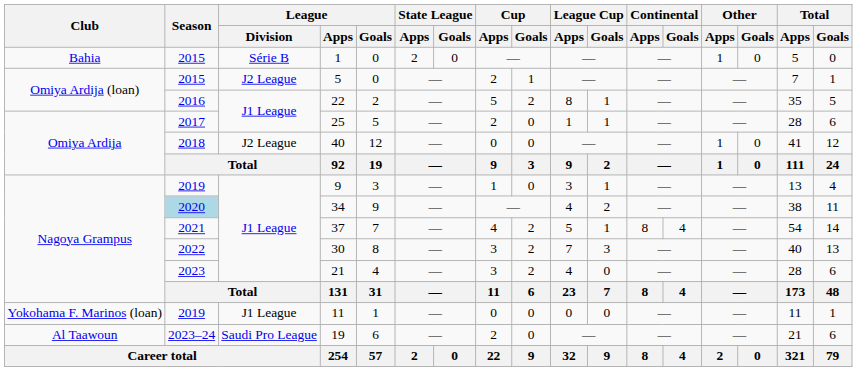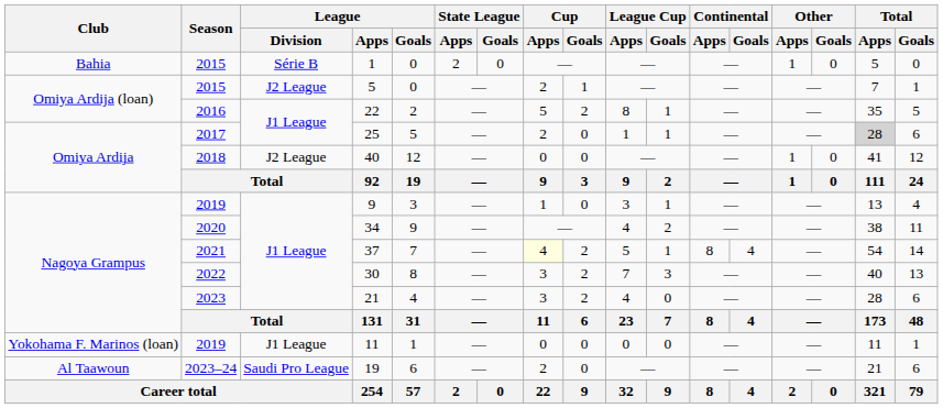 <table class="wikitable" style="text-align:center;">
 <tr>
 <th rowspan=2>Club</th>
 <th rowspan=2>Season</th>
 <th colspan=3>League</th>
 <th colspan=2>State League</th>
 <th colspan=2>Cup</th>
 <th colspan=2>League Cup</th>
 <th colspan=2>Continental</th>
 <th colspan=2>Other</th>
 <th colspan=2>Total</th>
 </tr>
 <tr>
 <th>Division</th>
 <th>Apps</th>
 <th>Goals</th>
 <th>Apps</th>
 <th>Goals</th>
 <th>Apps</th>
 <th>Goals</th>
 <th>Apps</th>
 <th>Goals</th>
 <th>Apps</th>
 <th>Goals</th>
 <th>Apps</th>
 <th>Goals</th>
 <th>Apps</th>
 <th>Goals</th>
 </tr>
 <tr>
 <td><a href='#'>Bahia</a></td>
 <td><a href='#'>2015</a></td>
 <td><a href='#'>Série B</a></td>
 <td>1</td>
 <td>0</td>
 <td>2</td>
 <td>0</td>
 <td colspan="2">—</td>
 <td colspan="2">—</td>
 <td colspan="2">—</td>
 <td>1</td>
 <td>0</td>
 <td>5</td>
 <td>0</td>
 </tr>
 <tr>
 <td rowspan="2"><a href='#'>Omiya Ardija</a> (loan)</td>
 <td><a href='#'>2015</a></td>
 <td><a href='#'>J2 League</a></td>
 <td>5</td>
 <td>0</td>
 <td colspan="2">—</td>
 <td>2</td>
 <td>1</td>
 <td colspan="2">—</td>
 <td colspan="2">—</td>
 <td colspan="2">—</td>
 <td>7</td>
 <td>1</td>
 </tr>
 <tr>
 <td><a href='#'>2016</a></td>
 <td rowspan="2"><a href='#'>J1 League</a></td>
 <td>22</td>
 <td>2</td>
 <td colspan="2">—</td>
 <td>5</td>
 <td>2</td>
 <td>8</td>
 <td>1</td>
 <td colspan="2">—</td>
 <td colspan="2">—</td>
 <td>35</td>
 <td>5</td>
 </tr>
 <tr>
 <td rowspan="3"><a href='#'>Omiya Ardija</a></td>
 <td><a href='#'>2017</a></td>
 <td>25</td>
 <td>5</td>
 <td colspan="2">—</td>
 <td>2</td>
 <td>0</td>
 <td>1</td>
 <td>1</td>
 <td colspan="2">—</td>
 <td colspan="2">—</td>
-<td>28</td>
+<td style="background: lightgrey;">28</td>
 <td>6</td>
 </tr>
 <tr>
 <td><a href='#'>2018</a></td>
 <td>J2 League</td>
 <td>40</td>
 <td>12</td>
 <td colspan="2">—</td>
 <td>0</td>
 <td>0</td>
 <td colspan="2">—</td>
 <td colspan="2">—</td>
 <td>1</td>
 <td>0</td>
 <td>41</td>
 <td>12</td>
 </tr>
 <tr>
 <th colspan=2>Total</th>
 <th>92</th>
 <th>19</th>
 <th colspan="2">—</th>
 <th>9</th>
 <th>3</th>
 <th>9</th>
 <th>2</th>
 <th colspan="2">—</th>
 <th>1</th>
 <th>0</th>
 <th>111</th>
 <th>24</th>
 </tr>
 <tr>
 <td rowspan="6"><a href='#'>Nagoya Grampus</a></td>
 <td><a href='#'>2019</a></td>
 <td rowspan="5"><a href='#'>J1 League</a></td>
 <td>9</td>
 <td>3</td>
 <td colspan="2">—</td>
 <td>1</td>
 <td>0</td>
 <td>3</td>
 <td>1</td>
 <td colspan="2">—</td>
 <td colspan="2">—</td>
 <td>13</td>
 <td>4</td>
 </tr>
 <tr>
-<td style="background: lightblue;"><a href='#'>2020</a></td>
+<td><a href='#'>2020</a></td>
 <td>34</td>
 <td>9</td>
 <td colspan="2">—</td>
 <td colspan="2">—</td>
 <td>4</td>
 <td>2</td>
 <td colspan="2">—</td>
 <td colspan="2">—</td>
 <td>38</td>
 <td>11</td>
 </tr>
 <tr>
 <td><a href='#'>2021</a></td>
 <td>37</td>
 <td>7</td>
 <td colspan="2">—</td>
-<td>4</td>
+<td style="background: lightyellow;">4</td>
 <td>2</td>
 <td>5</td>
 <td>1</td>
 <td>8</td>
 <td>4</td>
 <td colspan="2">—</td>
 <td>54</td>
 <td>14</td>
 </tr>
 <tr>
 <td><a href='#'>2022</a></td>
 <td>30</td>
 <td>8</td>
 <td colspan="2">—</td>
 <td>3</td>
 <td>2</td>
 <td>7</td>
 <td>3</td>
 <td colspan="2">—</td>
 <td colspan="2">—</td>
 <td>40</td>
 <td>13</td>
 </tr>
 <tr>
 <td><a href='#'>2023</a></td>
 <td>21</td>
 <td>4</td>
 <td colspan="2">—</td>
 <td>3</td>
 <td>2</td>
 <td>4</td>
 <td>0</td>
 <td colspan="2">—</td>
 <td colspan="2">—</td>
 <td>28</td>
 <td>6</td>
 </tr>
 <tr>
 <th colspan=2>Total</th>
 <th>131</th>
 <th>31</th>
 <th colspan="2">—</th>
 <th>11</th>
 <th>6</th>
 <th>23</th>
 <th>7</th>
 <th>8</th>
 <th>4</th>
 <th colspan="2">—</th>
 <th>173</th>
 <th>48</th>
 </tr>
 <tr>
 <td><a href='#'>Yokohama F. Marinos</a> (loan)</td>
 <td><a href='#'>2019</a></td>
 <td>J1 League</td>
 <td>11</td>
 <td>1</td>
 <td colspan="2">—</td>
 <td>0</td>
 <td>0</td>
 <td>0</td>
 <td>0</td>
 <td colspan="2">—</td>
 <td colspan="2">—</td>
 <td>11</td>
 <td>1</td>
 </tr>
 <tr>
 <td><a href='#'>Al Taawoun</a></td>
 <td><a href='#'>2023–24</a></td>
 <td><a href='#'>Saudi Pro League</a></td>
 <td>19</td>
 <td>6</td>
 <td colspan="2">—</td>
 <td>2</td>
 <td>0</td>
 <td colspan="2">—</td>
 <td colspan="2">—</td>
 <td colspan="2">—</td>
 <td>21</td>
 <td>6</td>
 </tr>
 <tr>
 <th colspan=3>Career total</th>
 <th>254</th>
 <th>57</th>
 <th>2</th>
 <th>0</th>
 <th>22</th>
 <th>9</th>
 <th>32</th>
 <th>9</th>
 <th>8</th>
 <th>4</th>
 <th>2</th>
 <th>0</th>
 <th>321</th>
 <th>79</th>
 </tr>
 </table>
